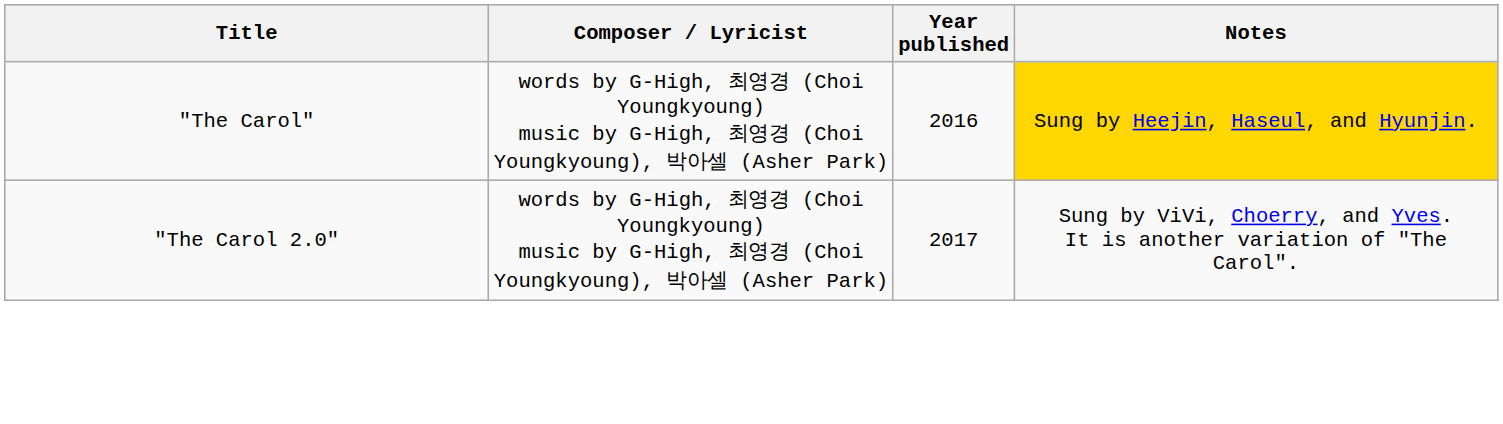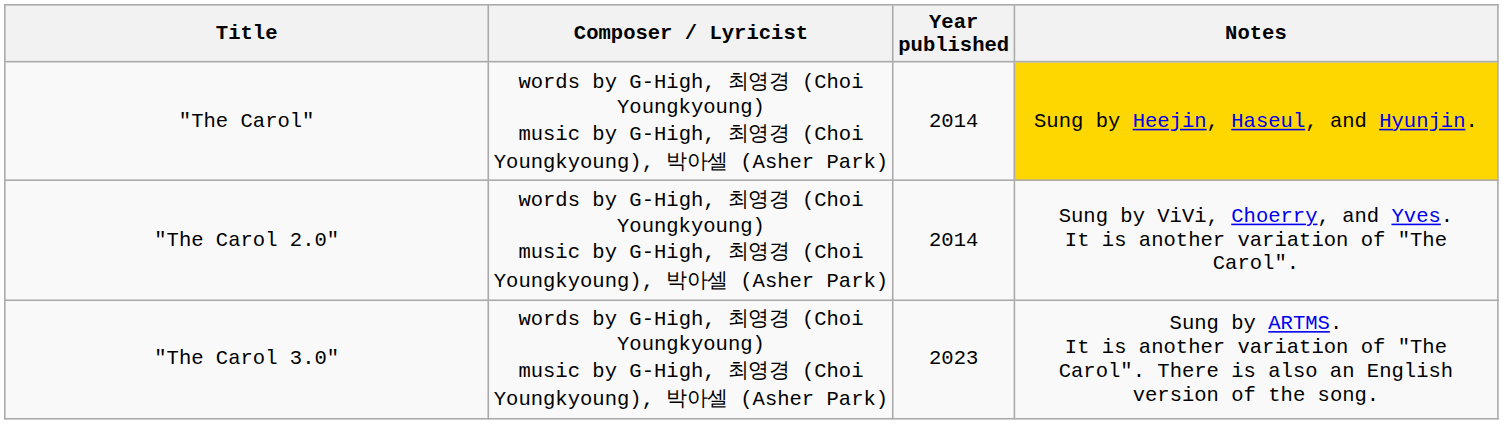 <table class="wikitable" style="text-align:center;">
 <tr>
 <th width="300">Title</th>
 <th width="250">Composer / Lyricist</th>
 <th width="20">Year published</th>
 <th width="300">Notes</th>
 </tr>
 <tr>
 <td>"The Carol"</td>
 <td>words by G-High, 최영경 (Choi Youngkyoung)<br>music by G-High, 최영경 (Choi Youngkyoung), 박아셀 (Asher Park)</td>
-<td>2016</td>
+<td>2014</td>
 <td style="background: gold;">Sung by <a href='#'>Heejin</a>, <a href='#'>Haseul</a>, and <a href='#'>Hyunjin</a>.</td>
 </tr>
 <tr>
 <td>"The Carol 2.0"</td>
 <td>words by G-High, 최영경 (Choi Youngkyoung)<br>music by G-High, 최영경 (Choi Youngkyoung), 박아셀 (Asher Park)</td>
-<td>2017</td>
+<td>2014</td>
 <td>Sung by ViVi, <a href='#'>Choerry</a>, and <a href='#'>Yves</a>.<br>It is another variation of "The Carol".</td>
 </tr>
+<tr>
+<td>"The Carol 3.0"</td>
+<td>words by G-High, 최영경 (Choi Youngkyoung)<br>music by G-High, 최영경 (Choi Youngkyoung), 박아셀 (Asher Park)</td>
+<td>2023</td>
+<td>Sung by <a href='#'>ARTMS</a>.<br>It is another variation of "The Carol". There is also an English version of the song.</td>
+</tr>
 </table>
